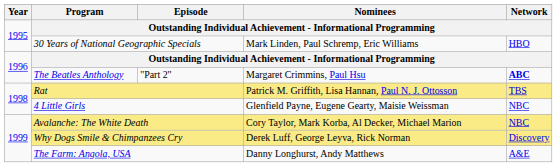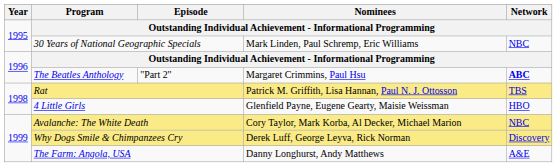 <table class="wikitable" style="width:100%">
 <tr style="background:#bebebe;">
 <th style="width:5%;">Year</th>
 <th style="width:20%;">Program</th>
 <th style="width:20%;">Episode</th>
 <th style="width:50%;">Nominees</th>
 <th style="width:5%;">Network</th>
 </tr>
 <tr>
 <td rowspan=2 style="text-align:center"><a href='#'>1995</a></td>
 <th colspan="4">Outstanding Individual Achievement - Informational Programming</th>
 </tr>
 <tr>
 <td colspan=2><em>30 Years of National Geographic Specials</em></td>
 <td>Mark Linden, Paul Schremp, Eric Williams</td>
-<td><a href='#'>HBO</a></td>
+<td><a href='#'>NBC</a></td>
 </tr>
 <tr>
 <td rowspan=2 style="text-align:center"><a href='#'>1996</a></td>
 <th colspan="4">Outstanding Individual Achievement - Informational Programming</th>
 </tr>
 <tr>
 <td><em><a href='#'>The Beatles Anthology</a></em></td>
 <td>"Part 2"</td>
 <td>Margaret Crimmins, <a href='#'>Paul Hsu</a></td>
 <td><strong><a href='#'>ABC</a></strong></td>
 </tr>
 <tr>
 <td rowspan=2 style="text-align:center;"><a href='#'>1998</a><br></td>
 <td style="background:#FAEB86;" colspan=2><em>Rat</em></td>
 <td style="background:#FAEB86;">Patrick M. Griffith, Lisa Hannan, <a href='#'>Paul N. J. Ottosson</a></td>
 <td style="background:#FAEB86;"><a href='#'>TBS</a></td>
 </tr>
 <tr>
 <td colspan=2><em><a href='#'>4 Little Girls</a></em></td>
 <td>Glenfield Payne, Eugene Gearty, Maisie Weissman</td>
-<td><a href='#'>NBC</a></td>
+<td><a href='#'>HBO</a></td>
 </tr>
 <tr>
 <td rowspan=3 style="text-align:center;"><a href='#'>1999</a><br></td>
 <td style="background:#FAEB86;" colspan=2><em>Avalanche: The White Death</em></td>
 <td style="background:#FAEB86;">Cory Taylor, Mark Korba, Al Decker, Michael Marion</td>
 <td style="background:#FAEB86;"><a href='#'>NBC</a></td>
 </tr>
 <tr>
 <td style="background:#FAEB86;" colspan=2><em>Why Dogs Smile & Chimpanzees Cry</em></td>
 <td style="background:#FAEB86;">Derek Luff, George Leyva, Rick Norman</td>
 <td style="background:#FAEB86;"><a href='#'>Discovery</a></td>
 </tr>
 <tr>
 <td colspan=2><em><a href='#'>The Farm: Angola, USA</a></em></td>
 <td>Danny Longhurst, Andy Matthews</td>
 <td><a href='#'>A&E</a></td>
 </tr>
 </table>
